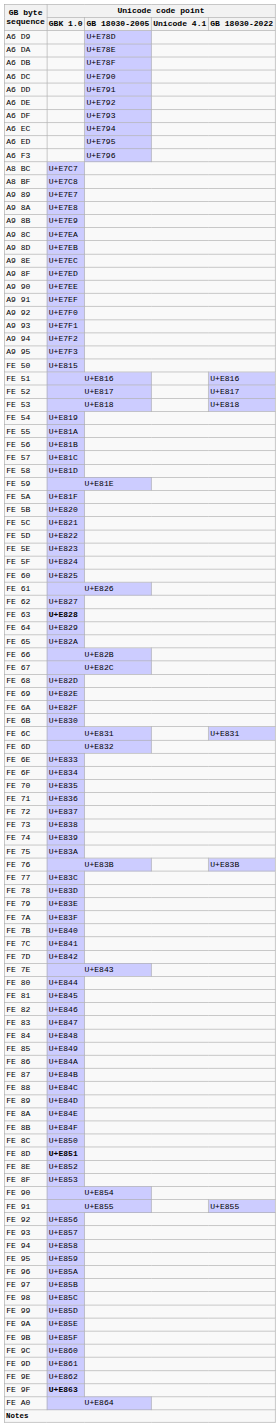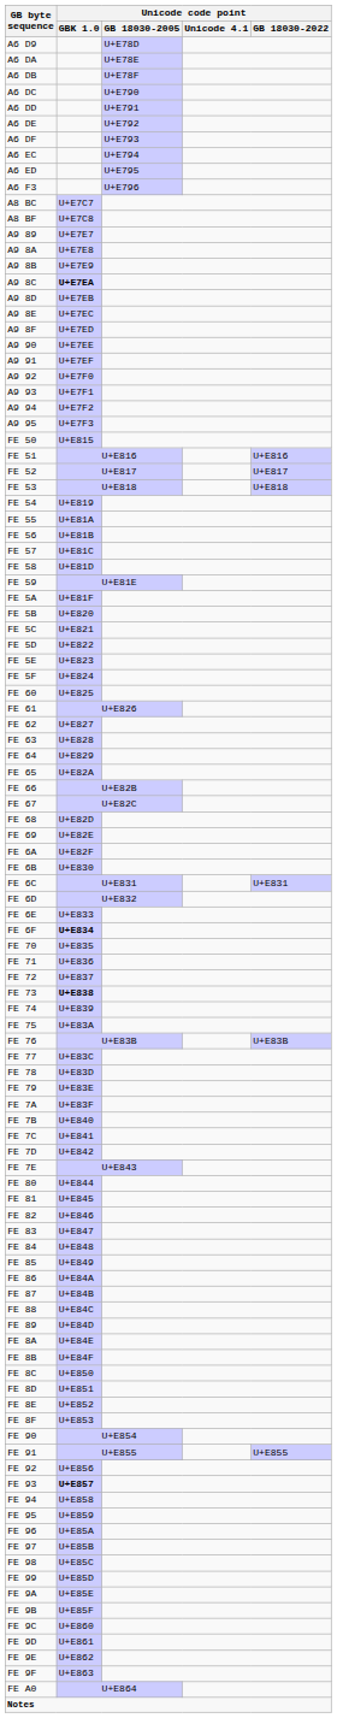 <table class="wikitable">
 <tr>
 <th rowspan=2>GB byte<br>sequence</th>
 <th colspan=4>Unicode code point </th>
 </tr>
 <tr>
 <th>GBK 1.0</th>
 <th>GB 18030-2005</th>
 <th>Unicode 4.1</th>
 <th>GB 18030-2022</th>
 </tr>
 <tr>
 <td>A6 D9</td>
 <td></td>
 <td style="background:#ccf;"><code>U+E78D</code></td>
 <td colspan="2" style="text-align:center;"></td>
 </tr>
 <tr>
 <td>A6 DA</td>
 <td></td>
 <td style="background:#ccf;"><code>U+E78E</code></td>
 <td colspan="2" style="text-align:center;"></td>
 </tr>
 <tr>
 <td>A6 DB</td>
 <td></td>
 <td style="background:#ccf;"><code>U+E78F</code></td>
 <td colspan="2" style="text-align:center;"></td>
 </tr>
 <tr>
 <td>A6 DC</td>
 <td></td>
 <td style="background:#ccf;"><code>U+E790</code></td>
 <td colspan="2" style="text-align:center;"></td>
 </tr>
 <tr>
 <td>A6 DD</td>
 <td></td>
 <td style="background:#ccf;"><code>U+E791</code></td>
 <td colspan="2" style="text-align:center;"></td>
 </tr>
 <tr>
 <td>A6 DE</td>
 <td></td>
 <td style="background:#ccf;"><code>U+E792</code></td>
 <td colspan="2" style="text-align:center;"></td>
 </tr>
 <tr>
 <td>A6 DF</td>
 <td></td>
 <td style="background:#ccf;"><code>U+E793</code></td>
 <td colspan="2" style="text-align:center;"></td>
 </tr>
 <tr>
 <td>A6 EC</td>
 <td></td>
 <td style="background:#ccf;"><code>U+E794</code></td>
 <td colspan="2" style="text-align:center;"></td>
 </tr>
 <tr>
 <td>A6 ED</td>
 <td></td>
 <td style="background:#ccf;"><code>U+E795</code></td>
 <td colspan="2" style="text-align:center;"></td>
 </tr>
 <tr>
 <td>A6 F3</td>
 <td></td>
 <td style="background:#ccf;"><code>U+E796</code></td>
 <td colspan="2" style="text-align:center;"></td>
 </tr>
 <tr>
 <td>A8 BC</td>
 <td style="background:#ccf;"><code>U+E7C7</code></td>
 <td colspan="3" style="text-align:center;"></td>
 </tr>
 <tr>
 <td>A8 BF</td>
 <td style="background:#ccf;"><code>U+E7C8</code></td>
 <td colspan="3" style="text-align:center;"></td>
 </tr>
 <tr>
 <td>A9 89</td>
 <td style="background:#ccf;"><code>U+E7E7</code></td>
 <td colspan="3" style="text-align:center;"></td>
 </tr>
 <tr>
 <td>A9 8A</td>
 <td style="background:#ccf;"><code>U+E7E8</code></td>
 <td colspan="3" style="text-align:center;"></td>
 </tr>
 <tr>
 <td>A9 8B</td>
 <td style="background:#ccf;"><code>U+E7E9</code></td>
 <td colspan="3" style="text-align:center;"></td>
 </tr>
 <tr>
 <td>A9 8C</td>
-<td style="background:#ccf;"><code>U+E7EA</code></td>
+<td style="background:#ccf;"><strong><code>U+E7EA</code></strong></td>
 <td colspan="3" style="text-align:center;"></td>
 </tr>
 <tr>
 <td>A9 8D</td>
 <td style="background:#ccf;"><code>U+E7EB</code></td>
 <td colspan="3" style="text-align:center;"></td>
 </tr>
 <tr>
 <td>A9 8E</td>
 <td style="background:#ccf;"><code>U+E7EC</code></td>
 <td colspan="3" style="text-align:center;"></td>
 </tr>
 <tr>
 <td>A9 8F</td>
 <td style="background:#ccf;"><code>U+E7ED</code></td>
 <td colspan="3" style="text-align:center;"></td>
 </tr>
 <tr>
 <td>A9 90</td>
 <td style="background:#ccf;"><code>U+E7EE</code></td>
 <td colspan="3" style="text-align:center;"></td>
 </tr>
 <tr>
 <td>A9 91</td>
 <td style="background:#ccf;"><code>U+E7EF</code></td>
 <td colspan="3" style="text-align:center;"></td>
 </tr>
 <tr>
 <td>A9 92</td>
 <td style="background:#ccf;"><code>U+E7F0</code></td>
 <td colspan="3" style="text-align:center;"></td>
 </tr>
 <tr>
 <td>A9 93</td>
 <td style="background:#ccf;"><code>U+E7F1</code></td>
 <td colspan="3" style="text-align:center;"></td>
 </tr>
 <tr>
 <td>A9 94</td>
 <td style="background:#ccf;"><code>U+E7F2</code></td>
 <td colspan="3" style="text-align:center;"></td>
 </tr>
 <tr>
 <td>A9 95</td>
 <td style="background:#ccf;"><code>U+E7F3</code></td>
 <td colspan="3" style="text-align:center;"></td>
 </tr>
 <tr>
 <td>FE 50</td>
 <td style="background:#ccf;"><code>U+E815</code></td>
 <td colspan="3" style="text-align:center;"></td>
 </tr>
 <tr>
 <td>FE 51</td>
 <td colspan="2"  style="text-align:center; background:#ccf;"><code>U+E816</code></td>
 <td></td>
 <td style="background:#ccf;"><code>U+E816</code></td>
 </tr>
 <tr>
 <td>FE 52</td>
 <td colspan="2"  style="text-align:center; background:#ccf;"><code>U+E817</code></td>
 <td></td>
 <td style="background:#ccf;"><code>U+E817</code></td>
 </tr>
 <tr>
 <td>FE 53</td>
 <td colspan="2"  style="text-align:center; background:#ccf;"><code>U+E818</code></td>
 <td></td>
 <td style="background:#ccf;"><code>U+E818</code></td>
 </tr>
 <tr>
 <td>FE 54</td>
 <td style="background:#ccf;"><code>U+E819</code></td>
 <td colspan="3" style="text-align:center;"></td>
 </tr>
 <tr>
 <td>FE 55</td>
 <td style="background:#ccf;"><code>U+E81A</code></td>
 <td colspan="3" style="text-align:center;"></td>
 </tr>
 <tr>
 <td>FE 56</td>
 <td style="background:#ccf;"><code>U+E81B</code></td>
 <td colspan="3" style="text-align:center;"></td>
 </tr>
 <tr>
 <td>FE 57</td>
 <td style="background:#ccf;"><code>U+E81C</code></td>
 <td colspan="3" style="text-align:center;"></td>
 </tr>
 <tr>
 <td>FE 58</td>
 <td style="background:#ccf;"><code>U+E81D</code></td>
 <td colspan="3" style="text-align:center;"></td>
 </tr>
 <tr>
 <td>FE 59</td>
 <td colspan="2"  style="text-align:center; background:#ccf;"><code>U+E81E</code></td>
 <td colspan="2" style="text-align:center;"></td>
 </tr>
 <tr>
 <td>FE 5A</td>
 <td style="background:#ccf;"><code>U+E81F</code></td>
 <td colspan="3" style="text-align:center;"></td>
 </tr>
 <tr>
 <td>FE 5B</td>
 <td style="background:#ccf;"><code>U+E820</code></td>
 <td colspan="3" style="text-align:center;"></td>
 </tr>
 <tr>
 <td>FE 5C</td>
 <td style="background:#ccf;"><code>U+E821</code></td>
 <td colspan="3" style="text-align:center;"></td>
 </tr>
 <tr>
 <td>FE 5D</td>
 <td style="background:#ccf;"><code>U+E822</code></td>
 <td colspan="3" style="text-align:center;"></td>
 </tr>
 <tr>
 <td>FE 5E</td>
 <td style="background:#ccf;"><code>U+E823</code></td>
 <td colspan="3" style="text-align:center;"></td>
 </tr>
 <tr>
 <td>FE 5F</td>
 <td style="background:#ccf;"><code>U+E824</code></td>
 <td colspan="3" style="text-align:center;"></td>
 </tr>
 <tr>
 <td>FE 60</td>
 <td style="background:#ccf;"><code>U+E825</code></td>
 <td colspan="3" style="text-align:center;"></td>
 </tr>
 <tr>
 <td>FE 61</td>
 <td colspan="2"  style="text-align:center; background:#ccf;"><code>U+E826</code></td>
 <td colspan="2" style="text-align:center;"></td>
 </tr>
 <tr>
 <td>FE 62</td>
 <td style="background:#ccf;"><code>U+E827</code></td>
 <td colspan="3" style="text-align:center;"></td>
 </tr>
 <tr>
 <td>FE 63</td>
-<td style="background:#ccf;"><strong><code>U+E828</code></strong></td>
+<td style="background:#ccf;"><code>U+E828</code></td>
 <td colspan="3" style="text-align:center;"></td>
 </tr>
 <tr>
 <td>FE 64</td>
 <td style="background:#ccf;"><code>U+E829</code></td>
 <td colspan="3" style="text-align:center;"></td>
 </tr>
 <tr>
 <td>FE 65</td>
 <td style="background:#ccf;"><code>U+E82A</code></td>
 <td colspan="3" style="text-align:center;"></td>
 </tr>
 <tr>
 <td>FE 66</td>
 <td colspan="2"  style="text-align:center; background:#ccf;"><code>U+E82B</code></td>
 <td colspan="2" style="text-align:center;"></td>
 </tr>
 <tr>
 <td>FE 67</td>
 <td colspan="2"  style="text-align:center; background:#ccf;"><code>U+E82C</code></td>
 <td colspan="2" style="text-align:center;"></td>
 </tr>
 <tr>
 <td>FE 68</td>
 <td style="background:#ccf;"><code>U+E82D</code></td>
 <td colspan="3" style="text-align:center;"></td>
 </tr>
 <tr>
 <td>FE 69</td>
 <td style="background:#ccf;"><code>U+E82E</code></td>
 <td colspan="3" style="text-align:center;"></td>
 </tr>
 <tr>
 <td>FE 6A</td>
 <td style="background:#ccf;"><code>U+E82F</code></td>
 <td colspan="3" style="text-align:center;"></td>
 </tr>
 <tr>
 <td>FE 6B</td>
 <td style="background:#ccf;"><code>U+E830</code></td>
 <td colspan="3" style="text-align:center;"></td>
 </tr>
 <tr>
 <td>FE 6C</td>
 <td colspan="2"  style="text-align:center; background:#ccf;"><code>U+E831</code></td>
 <td></td>
 <td style="background:#ccf;"><code>U+E831</code></td>
 </tr>
 <tr>
 <td>FE 6D</td>
 <td colspan="2"  style="text-align:center; background:#ccf;"><code>U+E832</code></td>
 <td colspan="2" style="text-align:center;"></td>
 </tr>
 <tr>
 <td>FE 6E</td>
 <td style="background:#ccf;"><code>U+E833</code></td>
 <td colspan="3" style="text-align:center;"></td>
 </tr>
 <tr>
 <td>FE 6F</td>
-<td style="background:#ccf;"><code>U+E834</code></td>
+<td style="background:#ccf;"><strong><code>U+E834</code></strong></td>
 <td colspan="3" style="text-align:center;"></td>
 </tr>
 <tr>
 <td>FE 70</td>
 <td style="background:#ccf;"><code>U+E835</code></td>
 <td colspan="3" style="text-align:center;"></td>
 </tr>
 <tr>
 <td>FE 71</td>
 <td style="background:#ccf;"><code>U+E836</code></td>
 <td colspan="3" style="text-align:center;"></td>
 </tr>
 <tr>
 <td>FE 72</td>
 <td style="background:#ccf;"><code>U+E837</code></td>
 <td colspan="3" style="text-align:center;"></td>
 </tr>
 <tr>
 <td>FE 73</td>
-<td style="background:#ccf;"><code>U+E838</code></td>
+<td style="background:#ccf;"><strong><code>U+E838</code></strong></td>
 <td colspan="3" style="text-align:center;"></td>
 </tr>
 <tr>
 <td>FE 74</td>
 <td style="background:#ccf;"><code>U+E839</code></td>
 <td colspan="3" style="text-align:center;"></td>
 </tr>
 <tr>
 <td>FE 75</td>
 <td style="background:#ccf;"><code>U+E83A</code></td>
 <td colspan="3" style="text-align:center;"></td>
 </tr>
 <tr>
 <td>FE 76</td>
 <td colspan="2"  style="text-align:center; background:#ccf;"><code>U+E83B</code></td>
 <td></td>
 <td style="background:#ccf;"><code>U+E83B</code></td>
 </tr>
 <tr>
 <td>FE 77</td>
 <td style="background:#ccf;"><code>U+E83C</code></td>
 <td colspan="3" style="text-align:center;"></td>
 </tr>
 <tr>
 <td>FE 78</td>
 <td style="background:#ccf;"><code>U+E83D</code></td>
 <td colspan="3" style="text-align:center;"></td>
 </tr>
 <tr>
 <td>FE 79</td>
 <td style="background:#ccf;"><code>U+E83E</code></td>
 <td colspan="3" style="text-align:center;"></td>
 </tr>
 <tr>
 <td>FE 7A</td>
 <td style="background:#ccf;"><code>U+E83F</code></td>
 <td colspan="3" style="text-align:center;"></td>
 </tr>
 <tr>
 <td>FE 7B</td>
 <td style="background:#ccf;"><code>U+E840</code></td>
 <td colspan="3" style="text-align:center;"></td>
 </tr>
 <tr>
 <td>FE 7C</td>
 <td style="background:#ccf;"><code>U+E841</code></td>
 <td colspan="3" style="text-align:center;"></td>
 </tr>
 <tr>
 <td>FE 7D</td>
 <td style="background:#ccf;"><code>U+E842</code></td>
 <td colspan="3" style="text-align:center;"></td>
 </tr>
 <tr>
 <td>FE 7E</td>
 <td colspan="2"  style="text-align:center; background:#ccf;"><code>U+E843</code></td>
 <td colspan="2" style="text-align:center;"></td>
 </tr>
 <tr>
 <td>FE 80</td>
 <td style="background:#ccf;"><code>U+E844</code></td>
 <td colspan="3" style="text-align:center;"></td>
 </tr>
 <tr>
 <td>FE 81</td>
 <td style="background:#ccf;"><code>U+E845</code></td>
 <td colspan="3" style="text-align:center;"></td>
 </tr>
 <tr>
 <td>FE 82</td>
 <td style="background:#ccf;"><code>U+E846</code></td>
 <td colspan="3" style="text-align:center;"></td>
 </tr>
 <tr>
 <td>FE 83</td>
 <td style="background:#ccf;"><code>U+E847</code></td>
 <td colspan="3" style="text-align:center;"></td>
 </tr>
 <tr>
 <td>FE 84</td>
 <td style="background:#ccf;"><code>U+E848</code></td>
 <td colspan="3" style="text-align:center;"></td>
 </tr>
 <tr>
 <td>FE 85</td>
 <td style="background:#ccf;"><code>U+E849</code></td>
 <td colspan="3" style="text-align:center;"></td>
 </tr>
 <tr>
 <td>FE 86</td>
 <td style="background:#ccf;"><code>U+E84A</code></td>
 <td colspan="3" style="text-align:center;"></td>
 </tr>
 <tr>
 <td>FE 87</td>
 <td style="background:#ccf;"><code>U+E84B</code></td>
 <td colspan="3" style="text-align:center;"></td>
 </tr>
 <tr>
 <td>FE 88</td>
 <td style="background:#ccf;"><code>U+E84C</code></td>
 <td colspan="3" style="text-align:center;"></td>
 </tr>
 <tr>
 <td>FE 89</td>
 <td style="background:#ccf;"><code>U+E84D</code></td>
 <td colspan="3" style="text-align:center;"></td>
 </tr>
 <tr>
 <td>FE 8A</td>
 <td style="background:#ccf;"><code>U+E84E</code></td>
 <td colspan="3" style="text-align:center;"></td>
 </tr>
 <tr>
 <td>FE 8B</td>
 <td style="background:#ccf;"><code>U+E84F</code></td>
 <td colspan="3" style="text-align:center;"></td>
 </tr>
 <tr>
 <td>FE 8C</td>
 <td style="background:#ccf;"><code>U+E850</code></td>
 <td colspan="3" style="text-align:center;"></td>
 </tr>
 <tr>
 <td>FE 8D</td>
-<td style="background:#ccf;"><strong><code>U+E851</code></strong></td>
+<td style="background:#ccf;"><code>U+E851</code></td>
 <td colspan="3" style="text-align:center;"></td>
 </tr>
 <tr>
 <td>FE 8E</td>
 <td style="background:#ccf;"><code>U+E852</code></td>
 <td colspan="3" style="text-align:center;"></td>
 </tr>
 <tr>
 <td>FE 8F</td>
 <td style="background:#ccf;"><code>U+E853</code></td>
 <td colspan="3" style="text-align:center;"></td>
 </tr>
 <tr>
 <td>FE 90</td>
 <td colspan="2"  style="text-align:center; background:#ccf;"><code>U+E854</code></td>
 <td colspan="2" style="text-align:center;"></td>
 </tr>
 <tr>
 <td>FE 91</td>
 <td colspan="2"  style="text-align:center; background:#ccf;"><code>U+E855</code></td>
 <td></td>
 <td style="background:#ccf;"><code>U+E855</code></td>
 </tr>
 <tr>
 <td>FE 92</td>
 <td style="background:#ccf;"><code>U+E856</code></td>
 <td colspan="3" style="text-align:center;"></td>
 </tr>
 <tr>
 <td>FE 93</td>
-<td style="background:#ccf;"><code>U+E857</code></td>
+<td style="background:#ccf;"><strong><code>U+E857</code></strong></td>
 <td colspan="3" style="text-align:center;"></td>
 </tr>
 <tr>
 <td>FE 94</td>
 <td style="background:#ccf;"><code>U+E858</code></td>
 <td colspan="3" style="text-align:center;"></td>
 </tr>
 <tr>
 <td>FE 95</td>
 <td style="background:#ccf;"><code>U+E859</code></td>
 <td colspan="3" style="text-align:center;"></td>
 </tr>
 <tr>
 <td>FE 96</td>
 <td style="background:#ccf;"><code>U+E85A</code></td>
 <td colspan="3" style="text-align:center;"></td>
 </tr>
 <tr>
 <td>FE 97</td>
 <td style="background:#ccf;"><code>U+E85B</code></td>
 <td colspan="3" style="text-align:center;"></td>
 </tr>
 <tr>
 <td>FE 98</td>
 <td style="background:#ccf;"><code>U+E85C</code></td>
 <td colspan="3" style="text-align:center;"></td>
 </tr>
 <tr>
 <td>FE 99</td>
 <td style="background:#ccf;"><code>U+E85D</code></td>
 <td colspan="3" style="text-align:center;"></td>
 </tr>
 <tr>
 <td>FE 9A</td>
 <td style="background:#ccf;"><code>U+E85E</code></td>
 <td colspan="3" style="text-align:center;"></td>
 </tr>
 <tr>
 <td>FE 9B</td>
 <td style="background:#ccf;"><code>U+E85F</code></td>
 <td colspan="3" style="text-align:center;"></td>
 </tr>
 <tr>
 <td>FE 9C</td>
 <td style="background:#ccf;"><code>U+E860</code></td>
 <td colspan="3" style="text-align:center;"></td>
 </tr>
 <tr>
 <td>FE 9D</td>
 <td style="background:#ccf;"><code>U+E861</code></td>
 <td colspan="3" style="text-align:center;"></td>
 </tr>
 <tr>
 <td>FE 9E</td>
 <td style="background:#ccf;"><code>U+E862</code></td>
 <td colspan="3" style="text-align:center;"></td>
 </tr>
 <tr>
 <td>FE 9F</td>
-<td style="background:#ccf;"><strong><code>U+E863</code></strong></td>
+<td style="background:#ccf;"><code>U+E863</code></td>
 <td colspan="3" style="text-align:center;"></td>
 </tr>
 <tr>
 <td>FE A0</td>
 <td colspan="2"  style="text-align:center; background:#ccf;"><code>U+E864</code></td>
 <td colspan="2" style="text-align:center;"></td>
 </tr>
 <tr>
 <td colspan="5" style="background:#F8F8F8;font-size:small;text-align:left"><strong>Notes</strong><br></td>
 </tr>
 </table>
